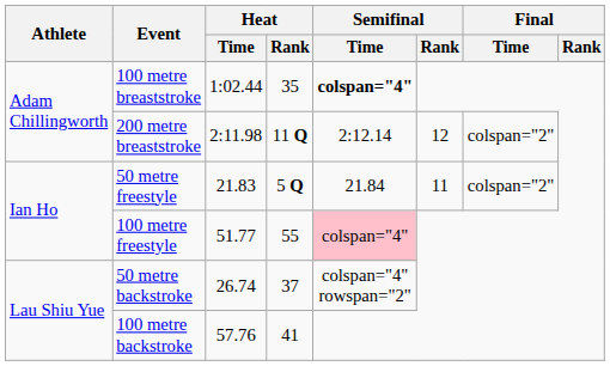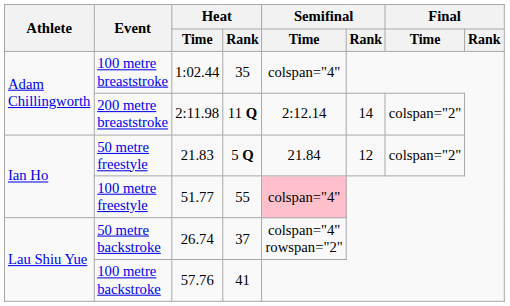 <table class="wikitable" style="text-align:center; font-size:90%; width:50%;">
 <tr>
 <th rowspan="2">Athlete</th>
 <th rowspan="2">Event</th>
 <th colspan="2">Heat</th>
 <th colspan="2">Semifinal</th>
 <th colspan="2">Final</th>
 </tr>
 <tr style="font-size:95%">
 <th>Time</th>
 <th>Rank</th>
 <th>Time</th>
 <th>Rank</th>
 <th>Time</th>
 <th>Rank</th>
 </tr>
 <tr align=center>
 <td align=left rowspan="2"><a href='#'>Adam Chillingworth</a></td>
 <td align=left><a href='#'>100 metre breaststroke</a></td>
 <td>1:02.44</td>
 <td>35</td>
-<td><strong>colspan="4" </strong></td>
+<td>colspan="4" </td>
 </tr>
 <tr align=center>
 <td align=left><a href='#'>200 metre breaststroke</a></td>
 <td>2:11.98</td>
 <td>11 <strong>Q</strong></td>
 <td>2:12.14</td>
-<td>12</td>
+<td>14</td>
 <td>colspan="2" </td>
 </tr>
 <tr align=center>
 <td align=left rowspan="2"><a href='#'>Ian Ho</a></td>
 <td align=left><a href='#'>50 metre freestyle</a></td>
 <td>21.83</td>
 <td>5 <strong>Q</strong></td>
 <td>21.84</td>
-<td>11</td>
+<td>12</td>
 <td>colspan="2" </td>
 </tr>
 <tr align=center>
 <td align=left><a href='#'>100 metre freestyle</a></td>
 <td>51.77</td>
 <td>55</td>
 <td style="background: pink;">colspan="4" </td>
 </tr>
 <tr align=center>
 <td align=left rowspan="2"><a href='#'>Lau Shiu Yue</a></td>
 <td align=left><a href='#'>50 metre backstroke</a></td>
 <td>26.74</td>
 <td>37</td>
 <td>colspan="4" rowspan="2" </td>
 </tr>
 <tr align=center>
 <td align=left><a href='#'>100 metre backstroke</a></td>
 <td>57.76</td>
 <td>41</td>
 </tr>
 </table>
